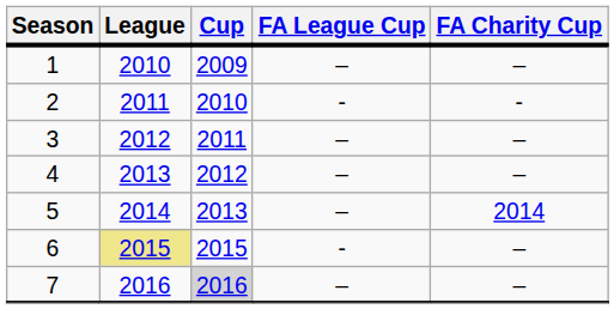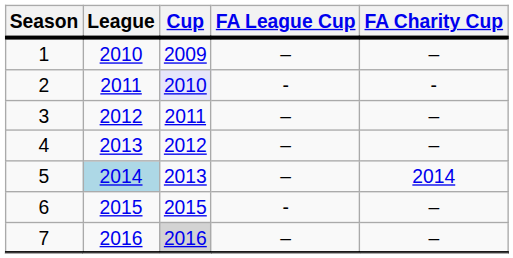 <table class="wikitable sortable" style="text-align:center; font-size:90%; float:right; margin-left:1em">
 <tr>
 <th>Season</th>
 <th>League</th>
 <th><a href='#'>Cup</a></th>
 <th><a href='#'>FA League Cup</a></th>
 <th><a href='#'>FA Charity Cup</a></th>
 </tr>
 <tr style="border-top:3px solid black">
 <td>1</td>
 <td><a href='#'>2010</a></td>
 <td><a href='#'>2009</a></td>
 <td>–</td>
 <td>–</td>
 </tr>
 <tr>
 <td>2</td>
 <td><a href='#'>2011</a></td>
-<td><a href='#'>2010</a></td>
+<td style="background: lavender;"><a href='#'>2010</a></td>
 <td>-</td>
 <td>-</td>
 </tr>
 <tr>
 <td>3</td>
 <td><a href='#'>2012</a></td>
 <td><a href='#'>2011</a></td>
 <td>–</td>
 <td>–</td>
 </tr>
 <tr>
 <td>4</td>
 <td><a href='#'>2013</a></td>
 <td><a href='#'>2012</a></td>
 <td>–</td>
 <td>–</td>
 </tr>
 <tr>
 <td>5</td>
-<td><a href='#'>2014</a></td>
+<td style="background: lightblue;"><a href='#'>2014</a></td>
 <td><a href='#'>2013</a></td>
 <td>–</td>
 <td><a href='#'>2014</a></td>
 </tr>
 <tr>
 <td>6</td>
-<td style="background: khaki;"><a href='#'>2015</a></td>
+<td><a href='#'>2015</a></td>
 <td><a href='#'>2015</a></td>
 <td>-</td>
 <td>–</td>
 </tr>
 <tr>
 <td>7</td>
 <td><a href='#'>2016</a></td>
 <td style="background: lightgrey;"><a href='#'>2016</a></td>
 <td>–</td>
 <td>–</td>
 </tr>
 <tr style="border-top:2px solid black" class="sortbottom">
 </tr>
 <tr style="border-top:2px solid black" class="sortbottom">
 </tr>
 </table>
